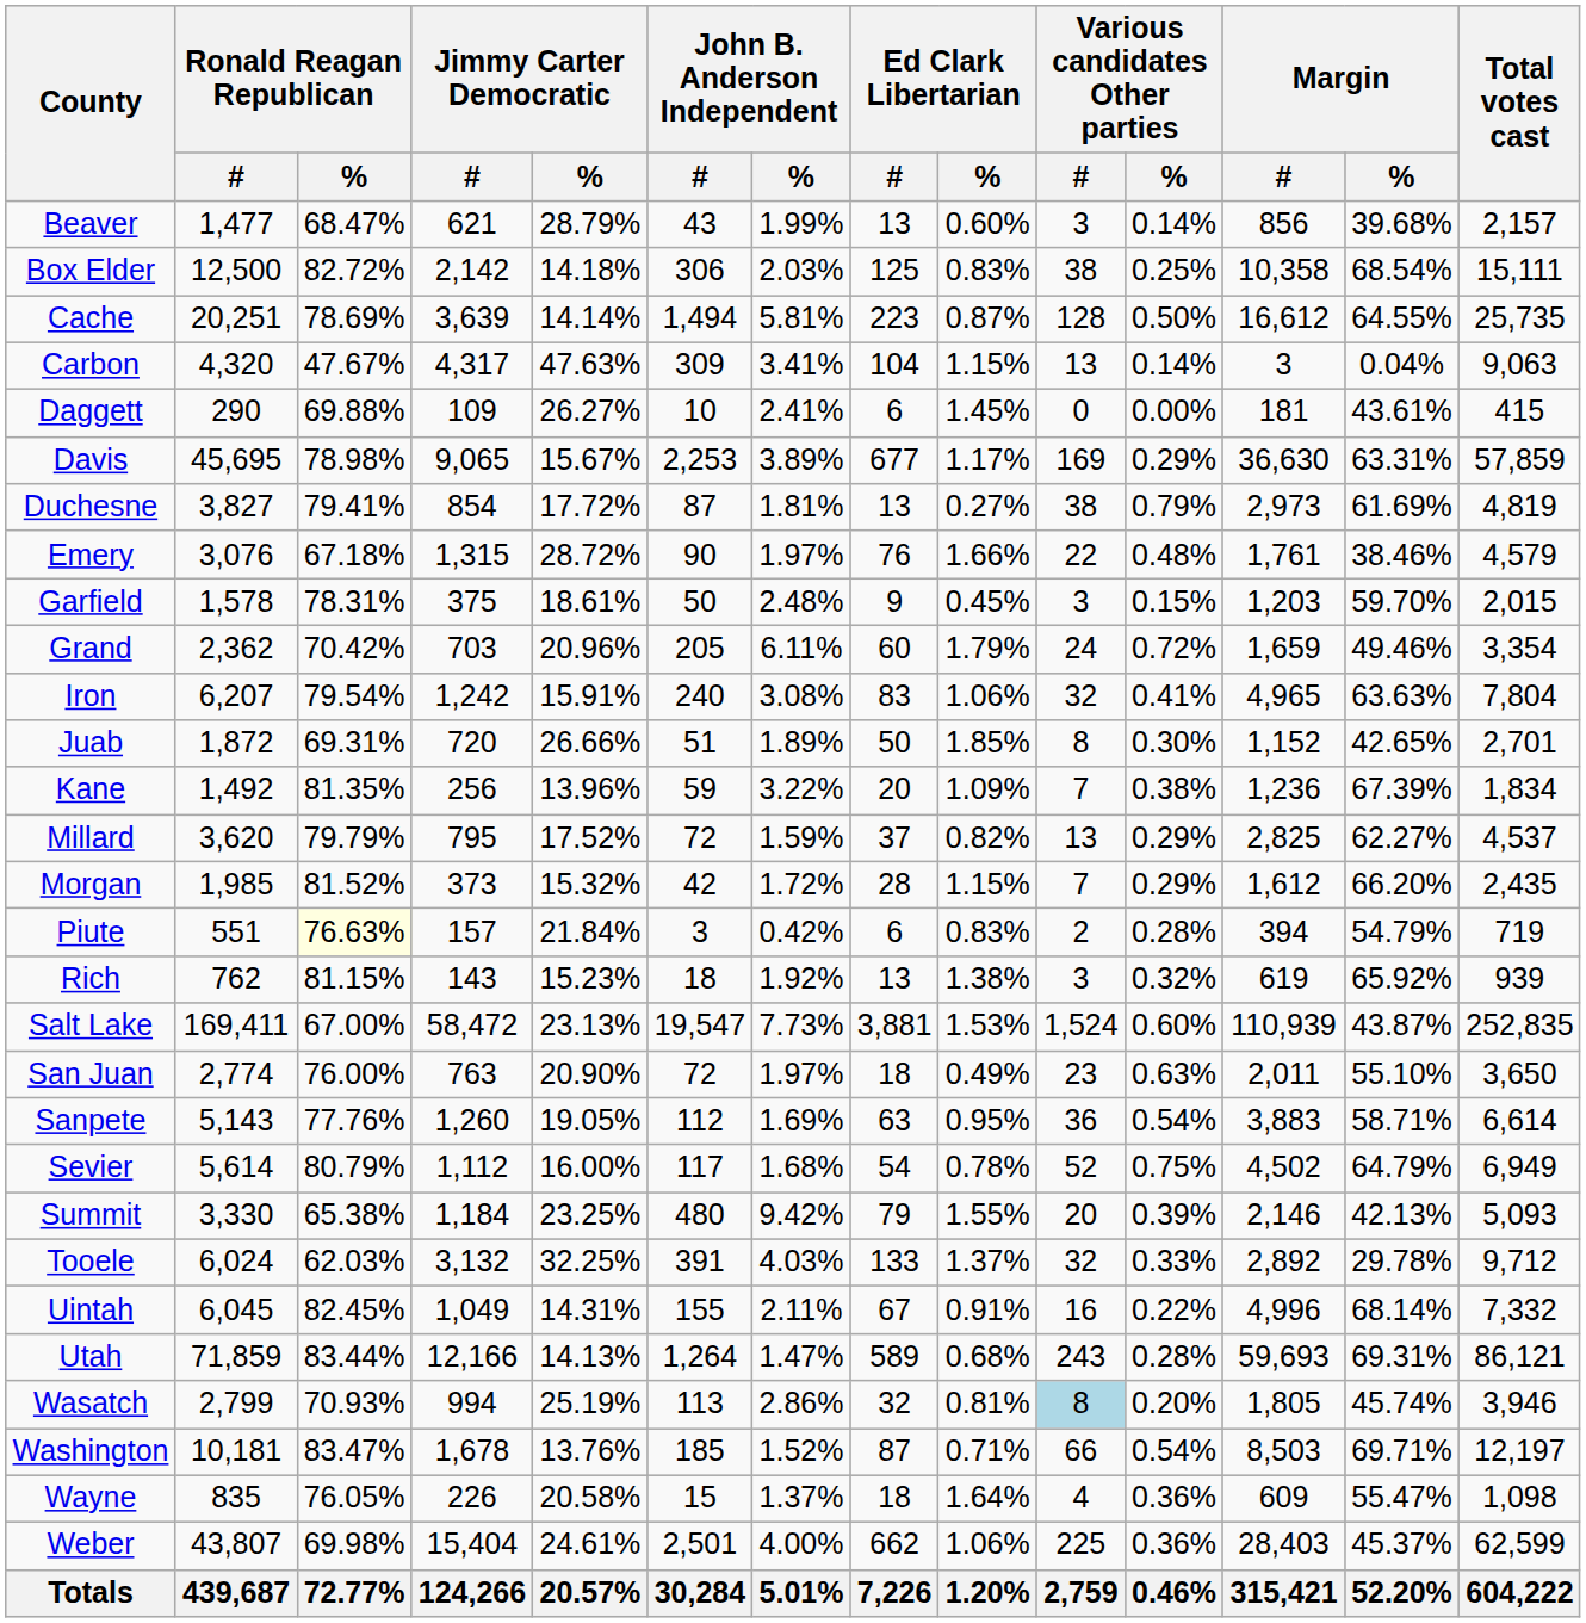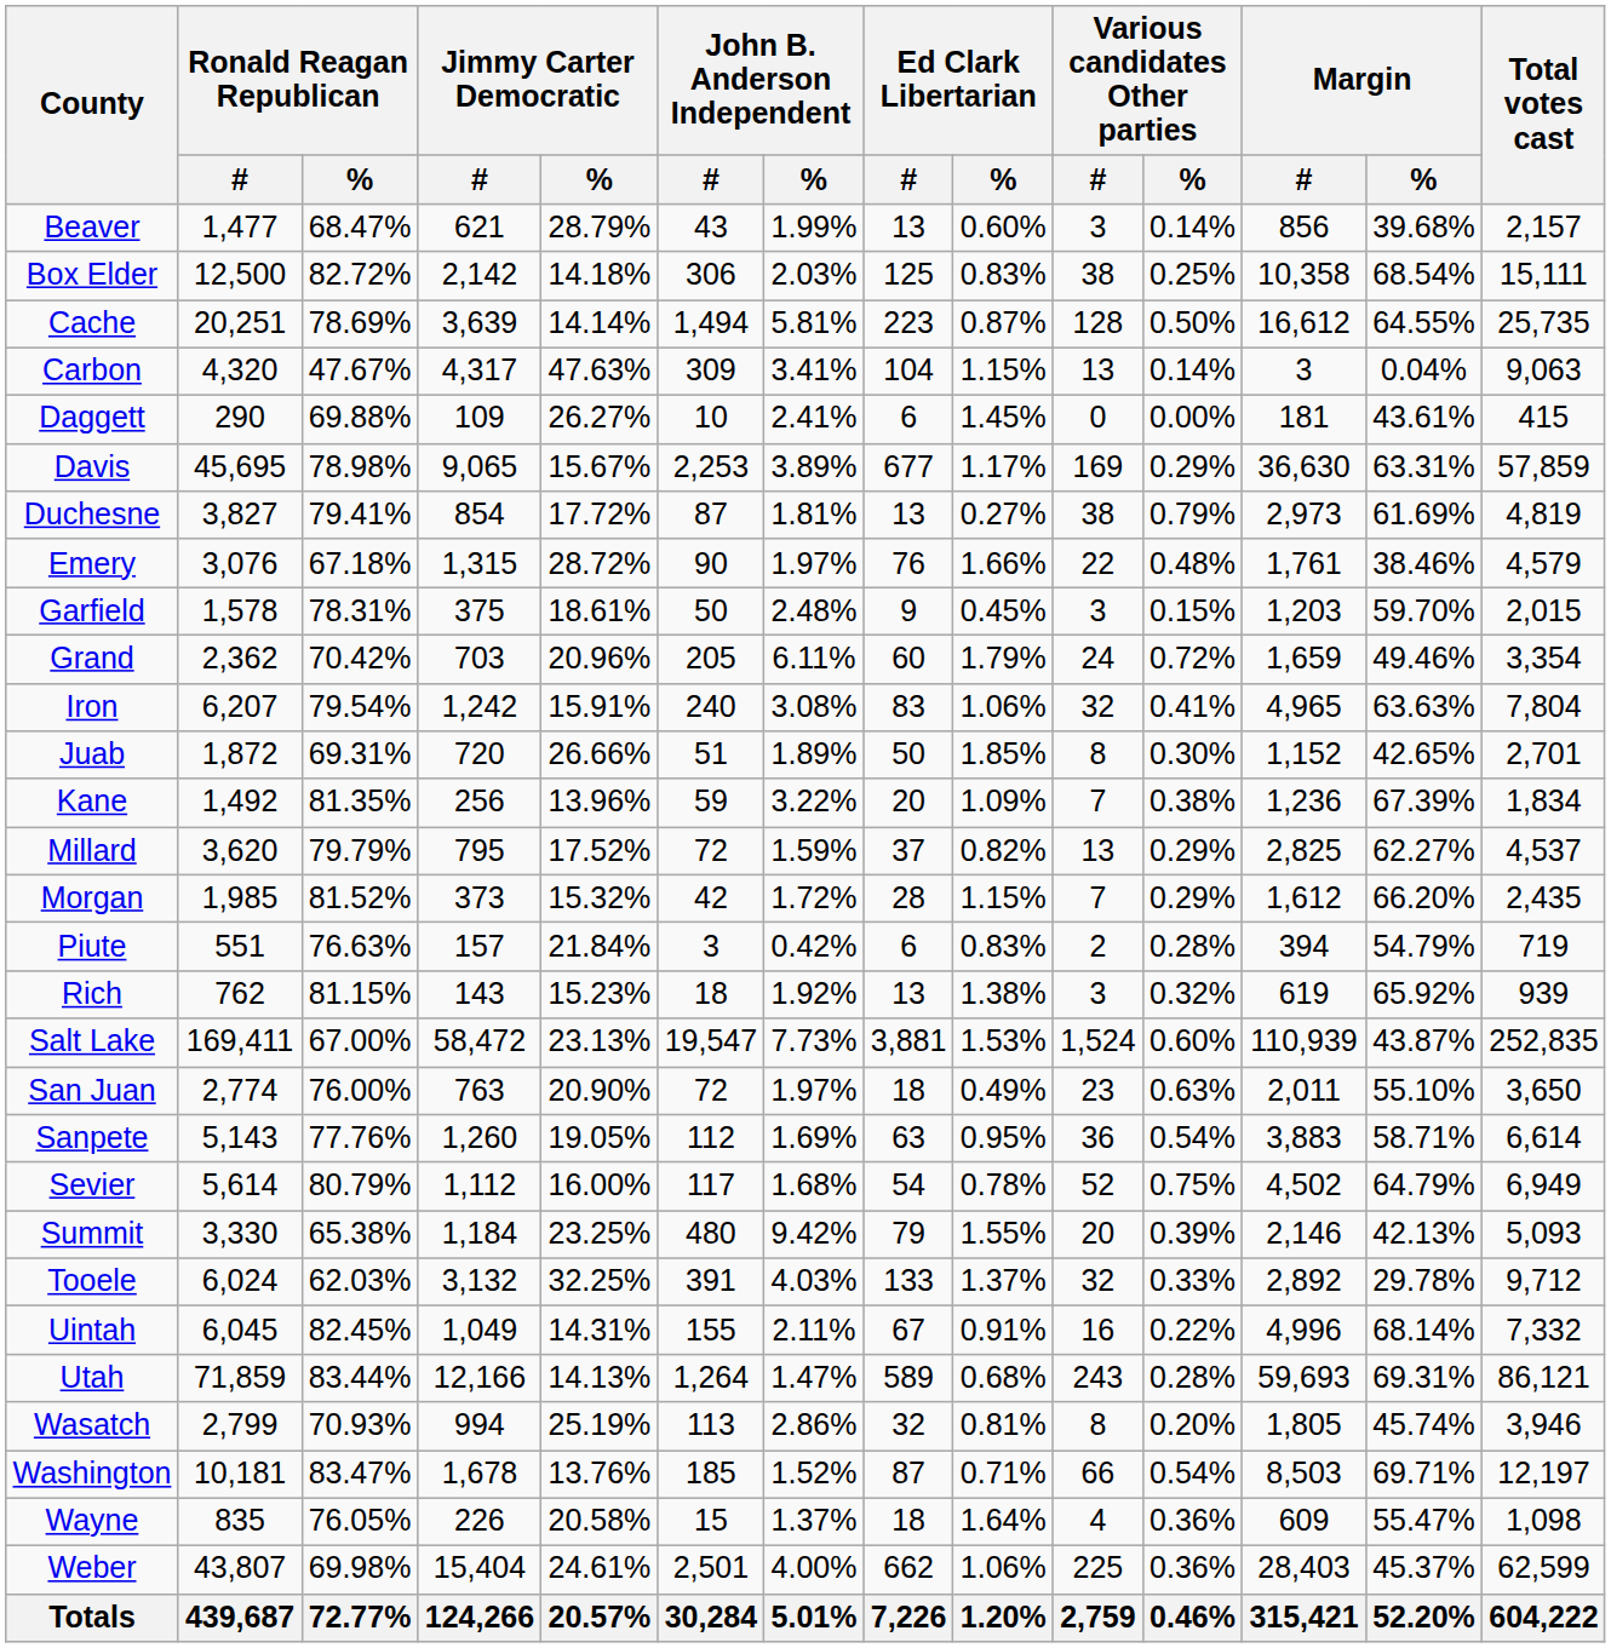 <table class="wikitable sortable" style="text-align:center">
 <tr>
 <th colspan="1" rowspan="2">County</th>
 <th style="text-align:center;" colspan="2">Ronald Reagan<br>Republican</th>
 <th style="text-align:center;" colspan="2">Jimmy Carter<br>Democratic</th>
 <th style="text-align:center;" colspan="2">John B. Anderson<br>Independent</th>
 <th style="text-align:center;" colspan="2">Ed Clark<br>Libertarian</th>
 <th style="text-align:center;" colspan="2">Various candidates<br>Other parties</th>
 <th style="text-align:center;" colspan="2">Margin</th>
 <th colspan="1" rowspan="2" style="text-align:center;">Total votes cast</th>
 </tr>
 <tr>
 <th style="text-align:center;" data-sort-type="number">#</th>
 <th style="text-align:center;" data-sort-type="number">%</th>
 <th style="text-align:center;" data-sort-type="number">#</th>
 <th style="text-align:center;" data-sort-type="number">%</th>
 <th style="text-align:center;" data-sort-type="number">#</th>
 <th style="text-align:center;" data-sort-type="number">%</th>
 <th style="text-align:center;" data-sort-type="number">#</th>
 <th style="text-align:center;" data-sort-type="number">%</th>
 <th style="text-align:center;" data-sort-type="number">#</th>
 <th style="text-align:center;" data-sort-type="number">%</th>
 <th style="text-align:center;" data-sort-type="number">#</th>
 <th style="text-align:center;" data-sort-type="number">%</th>
 </tr>
 <tr style="text-align:center;">
 <td><a href='#'>Beaver</a></td>
 <td>1,477</td>
 <td>68.47%</td>
 <td>621</td>
 <td>28.79%</td>
 <td>43</td>
 <td>1.99%</td>
 <td>13</td>
 <td>0.60%</td>
 <td>3</td>
 <td>0.14%</td>
 <td>856</td>
 <td>39.68%</td>
 <td>2,157</td>
 </tr>
 <tr style="text-align:center;">
 <td><a href='#'>Box Elder</a></td>
 <td>12,500</td>
 <td>82.72%</td>
 <td>2,142</td>
 <td>14.18%</td>
 <td>306</td>
 <td>2.03%</td>
 <td>125</td>
 <td>0.83%</td>
 <td>38</td>
 <td>0.25%</td>
 <td>10,358</td>
 <td>68.54%</td>
 <td>15,111</td>
 </tr>
 <tr style="text-align:center;">
 <td><a href='#'>Cache</a></td>
 <td>20,251</td>
 <td>78.69%</td>
 <td>3,639</td>
 <td>14.14%</td>
 <td>1,494</td>
 <td>5.81%</td>
 <td>223</td>
 <td>0.87%</td>
 <td>128</td>
 <td>0.50%</td>
 <td>16,612</td>
 <td>64.55%</td>
 <td>25,735</td>
 </tr>
 <tr style="text-align:center;">
 <td><a href='#'>Carbon</a></td>
 <td>4,320</td>
 <td>47.67%</td>
 <td>4,317</td>
 <td>47.63%</td>
 <td>309</td>
 <td>3.41%</td>
 <td>104</td>
 <td>1.15%</td>
 <td>13</td>
 <td>0.14%</td>
 <td>3</td>
 <td>0.04%</td>
 <td>9,063</td>
 </tr>
 <tr style="text-align:center;">
 <td><a href='#'>Daggett</a></td>
 <td>290</td>
 <td>69.88%</td>
 <td>109</td>
 <td>26.27%</td>
 <td>10</td>
 <td>2.41%</td>
 <td>6</td>
 <td>1.45%</td>
 <td>0</td>
 <td>0.00%</td>
 <td>181</td>
 <td>43.61%</td>
 <td>415</td>
 </tr>
 <tr style="text-align:center;">
 <td><a href='#'>Davis</a></td>
 <td>45,695</td>
 <td>78.98%</td>
 <td>9,065</td>
 <td>15.67%</td>
 <td>2,253</td>
 <td>3.89%</td>
 <td>677</td>
 <td>1.17%</td>
 <td>169</td>
 <td>0.29%</td>
 <td>36,630</td>
 <td>63.31%</td>
 <td>57,859</td>
 </tr>
 <tr style="text-align:center;">
 <td><a href='#'>Duchesne</a></td>
 <td>3,827</td>
 <td>79.41%</td>
 <td>854</td>
 <td>17.72%</td>
 <td>87</td>
 <td>1.81%</td>
 <td>13</td>
 <td>0.27%</td>
 <td>38</td>
 <td>0.79%</td>
 <td>2,973</td>
 <td>61.69%</td>
 <td>4,819</td>
 </tr>
 <tr style="text-align:center;">
 <td><a href='#'>Emery</a></td>
 <td>3,076</td>
 <td>67.18%</td>
 <td>1,315</td>
 <td>28.72%</td>
 <td>90</td>
 <td>1.97%</td>
 <td>76</td>
 <td>1.66%</td>
 <td>22</td>
 <td>0.48%</td>
 <td>1,761</td>
 <td>38.46%</td>
 <td>4,579</td>
 </tr>
 <tr style="text-align:center;">
 <td><a href='#'>Garfield</a></td>
 <td>1,578</td>
 <td>78.31%</td>
 <td>375</td>
 <td>18.61%</td>
 <td>50</td>
 <td>2.48%</td>
 <td>9</td>
 <td>0.45%</td>
 <td>3</td>
 <td>0.15%</td>
 <td>1,203</td>
 <td>59.70%</td>
 <td>2,015</td>
 </tr>
 <tr style="text-align:center;">
 <td><a href='#'>Grand</a></td>
 <td>2,362</td>
 <td>70.42%</td>
 <td>703</td>
 <td>20.96%</td>
 <td>205</td>
 <td>6.11%</td>
 <td>60</td>
 <td>1.79%</td>
 <td>24</td>
 <td>0.72%</td>
 <td>1,659</td>
 <td>49.46%</td>
 <td>3,354</td>
 </tr>
 <tr style="text-align:center;">
 <td><a href='#'>Iron</a></td>
 <td>6,207</td>
 <td>79.54%</td>
 <td>1,242</td>
 <td>15.91%</td>
 <td>240</td>
 <td>3.08%</td>
 <td>83</td>
 <td>1.06%</td>
 <td>32</td>
 <td>0.41%</td>
 <td>4,965</td>
 <td>63.63%</td>
 <td>7,804</td>
 </tr>
 <tr style="text-align:center;">
 <td><a href='#'>Juab</a></td>
 <td>1,872</td>
 <td>69.31%</td>
 <td>720</td>
 <td>26.66%</td>
 <td>51</td>
 <td>1.89%</td>
 <td>50</td>
 <td>1.85%</td>
 <td>8</td>
 <td>0.30%</td>
 <td>1,152</td>
 <td>42.65%</td>
 <td>2,701</td>
 </tr>
 <tr style="text-align:center;">
 <td><a href='#'>Kane</a></td>
 <td>1,492</td>
 <td>81.35%</td>
 <td>256</td>
 <td>13.96%</td>
 <td>59</td>
 <td>3.22%</td>
 <td>20</td>
 <td>1.09%</td>
 <td>7</td>
 <td>0.38%</td>
 <td>1,236</td>
 <td>67.39%</td>
 <td>1,834</td>
 </tr>
 <tr style="text-align:center;">
 <td><a href='#'>Millard</a></td>
 <td>3,620</td>
 <td>79.79%</td>
 <td>795</td>
 <td>17.52%</td>
 <td>72</td>
 <td>1.59%</td>
 <td>37</td>
 <td>0.82%</td>
 <td>13</td>
 <td>0.29%</td>
 <td>2,825</td>
 <td>62.27%</td>
 <td>4,537</td>
 </tr>
 <tr style="text-align:center;">
 <td><a href='#'>Morgan</a></td>
 <td>1,985</td>
 <td>81.52%</td>
 <td>373</td>
 <td>15.32%</td>
 <td>42</td>
 <td>1.72%</td>
 <td>28</td>
 <td>1.15%</td>
 <td>7</td>
 <td>0.29%</td>
 <td>1,612</td>
 <td>66.20%</td>
 <td>2,435</td>
 </tr>
 <tr style="text-align:center;">
 <td><a href='#'>Piute</a></td>
 <td>551</td>
-<td style="background: lightyellow;">76.63%</td>
+<td>76.63%</td>
 <td>157</td>
 <td>21.84%</td>
 <td>3</td>
 <td>0.42%</td>
 <td>6</td>
 <td>0.83%</td>
 <td>2</td>
 <td>0.28%</td>
 <td>394</td>
 <td>54.79%</td>
 <td>719</td>
 </tr>
 <tr style="text-align:center;">
 <td><a href='#'>Rich</a></td>
 <td>762</td>
 <td>81.15%</td>
 <td>143</td>
 <td>15.23%</td>
 <td>18</td>
 <td>1.92%</td>
 <td>13</td>
 <td>1.38%</td>
 <td>3</td>
 <td>0.32%</td>
 <td>619</td>
 <td>65.92%</td>
 <td>939</td>
 </tr>
 <tr style="text-align:center;">
 <td><a href='#'>Salt Lake</a></td>
 <td>169,411</td>
 <td>67.00%</td>
 <td>58,472</td>
 <td>23.13%</td>
 <td>19,547</td>
 <td>7.73%</td>
 <td>3,881</td>
 <td>1.53%</td>
 <td>1,524</td>
 <td>0.60%</td>
 <td>110,939</td>
 <td>43.87%</td>
 <td>252,835</td>
 </tr>
 <tr style="text-align:center;">
 <td><a href='#'>San Juan</a></td>
 <td>2,774</td>
 <td>76.00%</td>
 <td>763</td>
 <td>20.90%</td>
 <td>72</td>
 <td>1.97%</td>
 <td>18</td>
 <td>0.49%</td>
 <td>23</td>
 <td>0.63%</td>
 <td>2,011</td>
 <td>55.10%</td>
 <td>3,650</td>
 </tr>
 <tr style="text-align:center;">
 <td><a href='#'>Sanpete</a></td>
 <td>5,143</td>
 <td>77.76%</td>
 <td>1,260</td>
 <td>19.05%</td>
 <td>112</td>
 <td>1.69%</td>
 <td>63</td>
 <td>0.95%</td>
 <td>36</td>
 <td>0.54%</td>
 <td>3,883</td>
 <td>58.71%</td>
 <td>6,614</td>
 </tr>
 <tr style="text-align:center;">
 <td><a href='#'>Sevier</a></td>
 <td>5,614</td>
 <td>80.79%</td>
 <td>1,112</td>
 <td>16.00%</td>
 <td>117</td>
 <td>1.68%</td>
 <td>54</td>
 <td>0.78%</td>
 <td>52</td>
 <td>0.75%</td>
 <td>4,502</td>
 <td>64.79%</td>
 <td>6,949</td>
 </tr>
 <tr style="text-align:center;">
 <td><a href='#'>Summit</a></td>
 <td>3,330</td>
 <td>65.38%</td>
 <td>1,184</td>
 <td>23.25%</td>
 <td>480</td>
 <td>9.42%</td>
 <td>79</td>
 <td>1.55%</td>
 <td>20</td>
 <td>0.39%</td>
 <td>2,146</td>
 <td>42.13%</td>
 <td>5,093</td>
 </tr>
 <tr style="text-align:center;">
 <td><a href='#'>Tooele</a></td>
 <td>6,024</td>
 <td>62.03%</td>
 <td>3,132</td>
 <td>32.25%</td>
 <td>391</td>
 <td>4.03%</td>
 <td>133</td>
 <td>1.37%</td>
 <td>32</td>
 <td>0.33%</td>
 <td>2,892</td>
 <td>29.78%</td>
 <td>9,712</td>
 </tr>
 <tr style="text-align:center;">
 <td><a href='#'>Uintah</a></td>
 <td>6,045</td>
 <td>82.45%</td>
 <td>1,049</td>
 <td>14.31%</td>
 <td>155</td>
 <td>2.11%</td>
 <td>67</td>
 <td>0.91%</td>
 <td>16</td>
 <td>0.22%</td>
 <td>4,996</td>
 <td>68.14%</td>
 <td>7,332</td>
 </tr>
 <tr style="text-align:center;">
 <td><a href='#'>Utah</a></td>
 <td>71,859</td>
 <td>83.44%</td>
 <td>12,166</td>
 <td>14.13%</td>
 <td>1,264</td>
 <td>1.47%</td>
 <td>589</td>
 <td>0.68%</td>
 <td>243</td>
 <td>0.28%</td>
 <td>59,693</td>
 <td>69.31%</td>
 <td>86,121</td>
 </tr>
 <tr style="text-align:center;">
 <td><a href='#'>Wasatch</a></td>
 <td>2,799</td>
 <td>70.93%</td>
 <td>994</td>
 <td>25.19%</td>
 <td>113</td>
 <td>2.86%</td>
 <td>32</td>
 <td>0.81%</td>
-<td style="background: lightblue;">8</td>
+<td>8</td>
 <td>0.20%</td>
 <td>1,805</td>
 <td>45.74%</td>
 <td>3,946</td>
 </tr>
 <tr style="text-align:center;">
 <td><a href='#'>Washington</a></td>
 <td>10,181</td>
 <td>83.47%</td>
 <td>1,678</td>
 <td>13.76%</td>
 <td>185</td>
 <td>1.52%</td>
 <td>87</td>
 <td>0.71%</td>
 <td>66</td>
 <td>0.54%</td>
 <td>8,503</td>
 <td>69.71%</td>
 <td>12,197</td>
 </tr>
 <tr style="text-align:center;">
 <td><a href='#'>Wayne</a></td>
 <td>835</td>
 <td>76.05%</td>
 <td>226</td>
 <td>20.58%</td>
 <td>15</td>
 <td>1.37%</td>
 <td>18</td>
 <td>1.64%</td>
 <td>4</td>
 <td>0.36%</td>
 <td>609</td>
 <td>55.47%</td>
 <td>1,098</td>
 </tr>
 <tr style="text-align:center;">
 <td><a href='#'>Weber</a></td>
 <td>43,807</td>
 <td>69.98%</td>
 <td>15,404</td>
 <td>24.61%</td>
 <td>2,501</td>
 <td>4.00%</td>
 <td>662</td>
 <td>1.06%</td>
 <td>225</td>
 <td>0.36%</td>
 <td>28,403</td>
 <td>45.37%</td>
 <td>62,599</td>
 </tr>
 <tr style="text-align:center;">
 <th>Totals</th>
 <th>439,687</th>
 <th>72.77%</th>
 <th>124,266</th>
 <th>20.57%</th>
 <th>30,284</th>
 <th>5.01%</th>
 <th>7,226</th>
 <th>1.20%</th>
 <th>2,759</th>
 <th>0.46%</th>
 <th>315,421</th>
 <th>52.20%</th>
 <th>604,222</th>
 </tr>
 </table>
